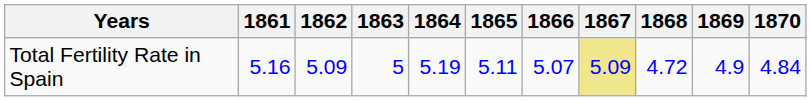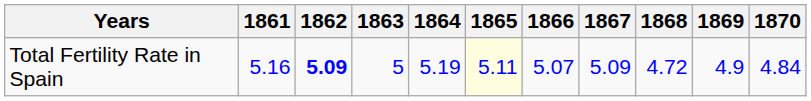 <table class="wikitable " style="text-align:right">
 <tr>
 <th>Years</th>
 <th>1861</th>
 <th>1862</th>
 <th>1863</th>
 <th>1864</th>
 <th>1865</th>
 <th>1866</th>
 <th>1867</th>
 <th>1868</th>
 <th>1869</th>
 <th>1870</th>
 </tr>
 <tr>
 <td align="left">Total Fertility Rate in Spain</td>
 <td style="text-align:right; color:blue;">5.16</td>
-<td style="text-align:right; color:blue;">5.09</td>
+<td style="text-align:right; color:blue;"><strong>5.09</strong></td>
 <td style="text-align:right; color:blue;">5</td>
 <td style="text-align:right; color:blue;">5.19</td>
-<td style="text-align:right; color:blue;">5.11</td>
+<td style="background: lightyellow; text-align:right; color:blue;">5.11</td>
 <td style="text-align:right; color:blue;">5.07</td>
-<td style="background: khaki; text-align:right; color:blue;">5.09</td>
+<td style="text-align:right; color:blue;">5.09</td>
 <td style="text-align:right; color:blue;">4.72</td>
 <td style="text-align:right; color:blue;">4.9</td>
 <td style="text-align:right; color:blue;">4.84</td>
 </tr>
 </table>
